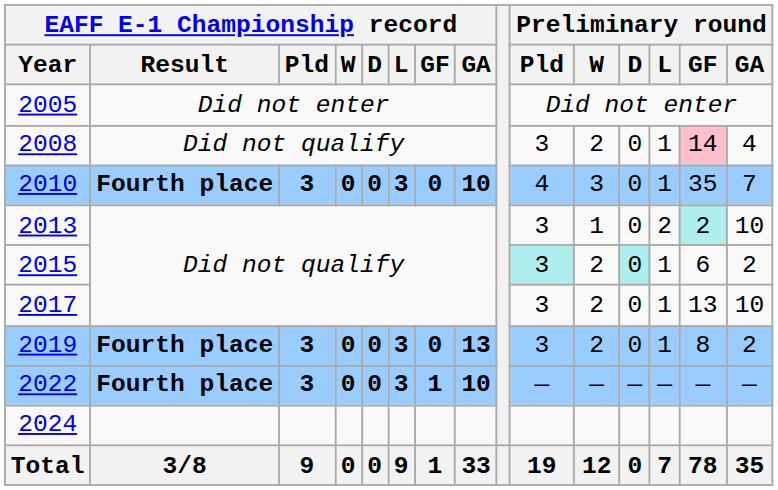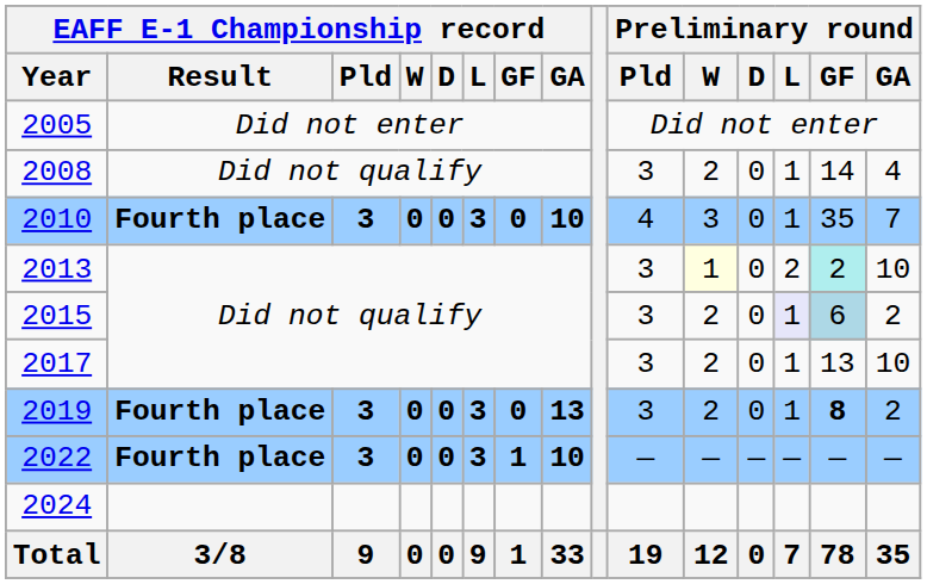 <table class="wikitable" style="text-align: center;">
 <tr>
 <th colspan=8><a href='#'>EAFF E-1 Championship</a> record</th>
 <th style="width:1px;;" rowspan="11"></th>
 <th colspan=6>Preliminary round</th>
 </tr>
 <tr>
 <th>Year</th>
 <th>Result</th>
 <th>Pld</th>
 <th>W</th>
 <th>D</th>
 <th>L</th>
 <th>GF</th>
 <th>GA</th>
 <th>Pld</th>
 <th>W</th>
 <th>D</th>
 <th>L</th>
 <th>GF</th>
 <th>GA</th>
 </tr>
 <tr>
 <td> <a href='#'>2005</a></td>
 <td colspan=7><em>Did not enter</em></td>
 <td colspan=6><em>Did not enter</em></td>
 </tr>
 <tr>
 <td> <a href='#'>2008</a></td>
 <td colspan=7><em>Did not qualify</em></td>
 <td>3</td>
 <td>2</td>
 <td>0</td>
 <td>1</td>
-<td style="background: pink;">14</td>
+<td>14</td>
 <td>4</td>
 </tr>
 <tr style="background:#9acdff;">
 <td> <a href='#'>2010</a></td>
 <td><strong>Fourth place</strong></td>
 <td><strong>3</strong></td>
 <td><strong>0</strong></td>
 <td><strong>0</strong></td>
 <td><strong>3</strong></td>
 <td><strong>0</strong></td>
 <td><strong>10</strong></td>
 <td>4</td>
 <td>3</td>
 <td>0</td>
 <td>1</td>
 <td>35</td>
 <td>7</td>
 </tr>
 <tr>
 <td> <a href='#'>2013</a></td>
 <td colspan=7 rowspan=3><em>Did not qualify</em></td>
 <td>3</td>
-<td>1</td>
+<td style="background: lightyellow;">1</td>
 <td>0</td>
 <td>2</td>
 <td style="background: paleturquoise;">2</td>
 <td>10</td>
 </tr>
 <tr>
 <td> <a href='#'>2015</a></td>
-<td style="background: paleturquoise;">3</td>
+<td>3</td>
 <td>2</td>
-<td style="background: paleturquoise;">0</td>
-<td>1</td>
-<td>6</td>
+<td>0</td>
+<td style="background: lavender;">1</td>
+<td style="background: lightblue;">6</td>
 <td>2</td>
 </tr>
 <tr>
 <td> <a href='#'>2017</a></td>
 <td>3</td>
 <td>2</td>
 <td>0</td>
 <td>1</td>
 <td>13</td>
 <td>10</td>
 </tr>
 <tr style="background:#9acdff;">
 <td> <a href='#'>2019</a></td>
 <td><strong>Fourth place</strong></td>
 <td><strong>3</strong></td>
 <td><strong>0</strong></td>
 <td><strong>0</strong></td>
 <td><strong>3</strong></td>
 <td><strong>0</strong></td>
 <td><strong>13</strong></td>
 <td>3</td>
 <td>2</td>
 <td>0</td>
 <td>1</td>
-<td>8</td>
+<td><strong>8</strong></td>
 <td>2</td>
 </tr>
 <tr style="background:#9acdff;">
 <td> <a href='#'>2022</a></td>
 <td><strong>Fourth place</strong></td>
 <td><strong>3</strong></td>
 <td><strong>0</strong></td>
 <td><strong>0</strong></td>
 <td><strong>3</strong></td>
 <td><strong>1</strong></td>
 <td><strong>10</strong></td>
 <td>—</td>
 <td>—</td>
 <td>—</td>
 <td>—</td>
 <td>—</td>
 <td>—</td>
 </tr>
 <tr>
 <td> <a href='#'>2024</a></td>
 <td></td>
 <td></td>
 <td></td>
 <td></td>
 <td></td>
 <td></td>
 <td></td>
 <td></td>
 <td></td>
 <td></td>
 <td></td>
 <td></td>
 <td></td>
 </tr>
 <tr>
 <th>Total</th>
 <th>3/8</th>
 <th>9</th>
 <th>0</th>
 <th>0</th>
 <th>9</th>
 <th>1</th>
 <th>33</th>
 <th></th>
 <th>19</th>
 <th>12</th>
 <th>0</th>
 <th>7</th>
 <th>78</th>
 <th>35</th>
 </tr>
 </table>
